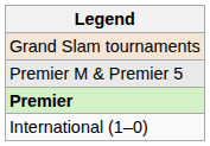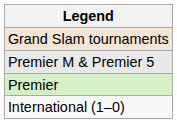 <table class="wikitable" style="font-size:90%;">
 <tr>
 <th>Legend</th>
 </tr>
 <tr>
 <td bgcolor="#f3e6d7">Grand Slam tournaments</td>
 </tr>
 <tr>
 <td bgcolor="#e9e9e9">Premier M & Premier 5</td>
 </tr>
 <tr>
-<td bgcolor="#d4f1c5"><strong>Premier</strong></td>
+<td bgcolor="#d4f1c5">Premier</td>
 </tr>
 <tr>
 <td>International (1–0)</td>
 </tr>
 </table>
